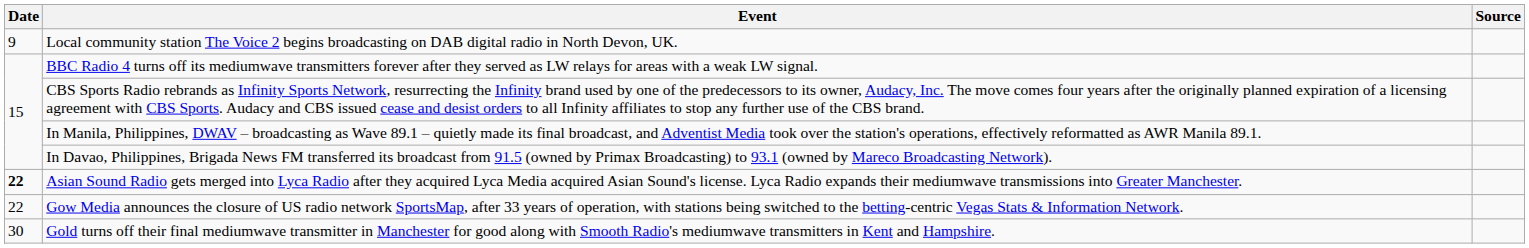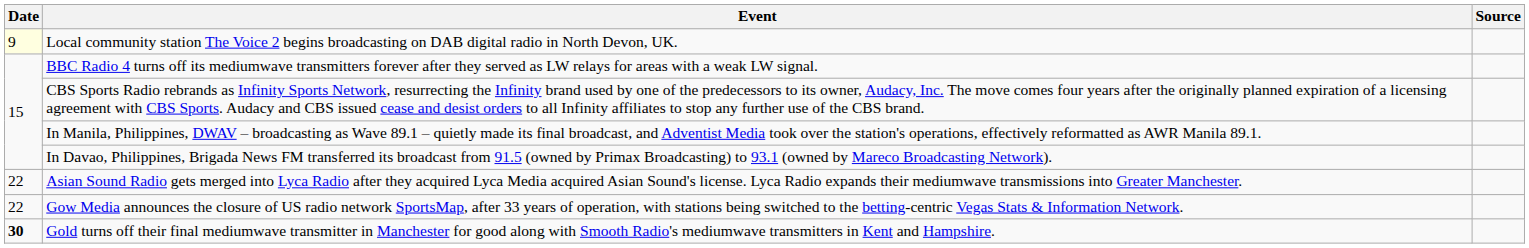 <table class="wikitable">
 <tr>
 <th>Date</th>
 <th>Event</th>
 <th>Source</th>
 </tr>
 <tr>
-<td>9</td>
+<td style="background: lightyellow;">9</td>
 <td>Local community station <a href='#'>The Voice 2</a> begins broadcasting on DAB digital radio in North Devon, UK.</td>
 <td></td>
 </tr>
 <tr>
 <td rowspan="4">15</td>
 <td><a href='#'>BBC Radio 4</a> turns off its mediumwave transmitters forever after they served as LW relays for areas with a weak LW signal.</td>
 <td></td>
 </tr>
 <tr>
 <td>CBS Sports Radio rebrands as <a href='#'>Infinity Sports Network</a>, resurrecting the <a href='#'>Infinity</a> brand used by one of the predecessors to its owner, <a href='#'>Audacy, Inc.</a> The move comes four years after the originally planned expiration of a licensing agreement with <a href='#'>CBS Sports</a>. Audacy and CBS issued <a href='#'>cease and desist orders</a> to all Infinity affiliates to stop any further use of the CBS brand.</td>
 <td></td>
 </tr>
 <tr>
 <td>In Manila, Philippines, <a href='#'>DWAV</a> – broadcasting as Wave 89.1 – quietly made its final broadcast, and <a href='#'>Adventist Media</a> took over the station's operations, effectively reformatted as AWR Manila 89.1.</td>
 <td></td>
 </tr>
 <tr>
 <td>In Davao, Philippines, Brigada News FM transferred its broadcast from <a href='#'>91.5</a> (owned by Primax Broadcasting) to <a href='#'>93.1</a> (owned by <a href='#'>Mareco Broadcasting Network</a>).</td>
 <td></td>
 </tr>
 <tr>
-<td><strong>22</strong></td>
+<td>22</td>
 <td><a href='#'>Asian Sound Radio</a> gets merged into <a href='#'>Lyca Radio</a> after they acquired Lyca Media acquired Asian Sound's license. Lyca Radio expands their mediumwave transmissions into <a href='#'>Greater Manchester</a>.</td>
 <td></td>
 </tr>
 <tr>
 <td>22</td>
 <td><a href='#'>Gow Media</a> announces the closure of US radio network <a href='#'>SportsMap</a>, after 33 years of operation, with stations being switched to the <a href='#'>betting</a>-centric <a href='#'>Vegas Stats & Information Network</a>.</td>
 <td></td>
 </tr>
 <tr>
-<td>30</td>
+<td><strong>30</strong></td>
 <td><a href='#'>Gold</a> turns off their final mediumwave transmitter in <a href='#'>Manchester</a> for good along with <a href='#'>Smooth Radio</a>'s mediumwave transmitters in <a href='#'>Kent</a> and <a href='#'>Hampshire</a>.</td>
 <td></td>
 </tr>
 </table>
